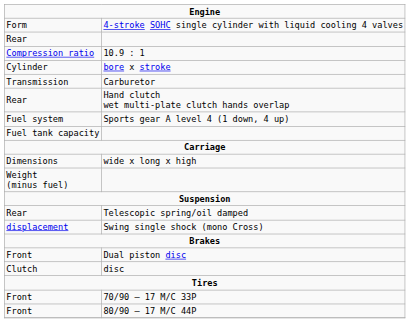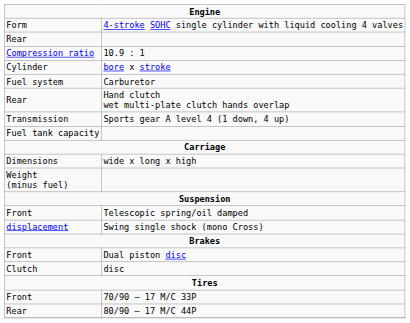 <table class="wikitable">
 <tr>
 <td colspan = "2" align = "center"><strong>Engine</strong></td>
 </tr>
 <tr>
 <td>Form</td>
 <td><a href='#'>4-stroke</a> <a href='#'>SOHC</a> single cylinder with liquid cooling 4 valves</td>
 </tr>
 <tr>
 <td>Rear</td>
 <td></td>
 </tr>
 <tr>
 <td><a href='#'>Compression ratio</a></td>
 <td>10.9 : 1</td>
 </tr>
 <tr>
 <td>Cylinder</td>
 <td> <a href='#'>bore</a> x  <a href='#'>stroke</a></td>
 </tr>
 <tr>
-<td>Transmission</td>
+<td>Fuel system</td>
 <td>Carburetor</td>
 </tr>
 <tr>
 <td>Rear</td>
 <td>Hand clutch<br>wet multi-plate clutch hands overlap</td>
 </tr>
 <tr>
-<td>Fuel system</td>
+<td>Transmission</td>
 <td>Sports gear A level 4 (1 down, 4 up)</td>
 </tr>
 <tr>
 <td>Fuel tank capacity</td>
 <td></td>
 </tr>
 <tr>
 <td colspan = "2" align = "center"><strong>Carriage</strong></td>
 </tr>
 <tr>
 <td>Dimensions</td>
 <td> wide x  long x  high</td>
 </tr>
 <tr>
 <td>Weight<br>(minus fuel)</td>
 <td></td>
 </tr>
 <tr>
 <td colspan = "2" align = "center"><strong>Suspension</strong></td>
 </tr>
 <tr>
-<td>Rear</td>
+<td>Front</td>
 <td>Telescopic spring/oil damped</td>
 </tr>
 <tr>
 <td><a href='#'>displacement</a></td>
 <td>Swing single shock (mono Cross)</td>
 </tr>
 <tr>
 <td colspan = "2" align = "center"><strong>Brakes</strong></td>
 </tr>
 <tr>
 <td>Front</td>
 <td>Dual piston <a href='#'>disc</a></td>
 </tr>
 <tr>
 <td>Clutch</td>
 <td>disc</td>
 </tr>
 <tr>
 <td colspan = "2" align = "center"><strong>Tires</strong></td>
 </tr>
 <tr>
 <td>Front</td>
 <td>70/90 – 17 M/C 33P</td>
 </tr>
 <tr>
-<td>Front</td>
+<td>Rear</td>
 <td>80/90 – 17 M/C 44P</td>
 </tr>
 <tr>
 </tr>
 </table>
